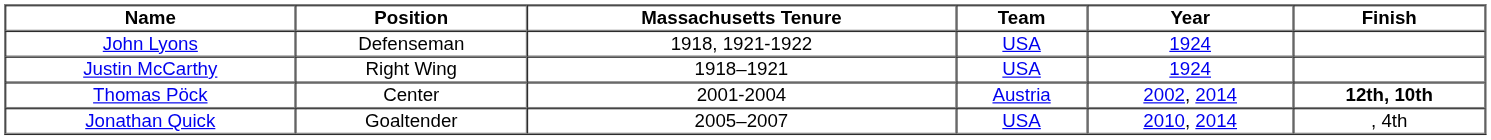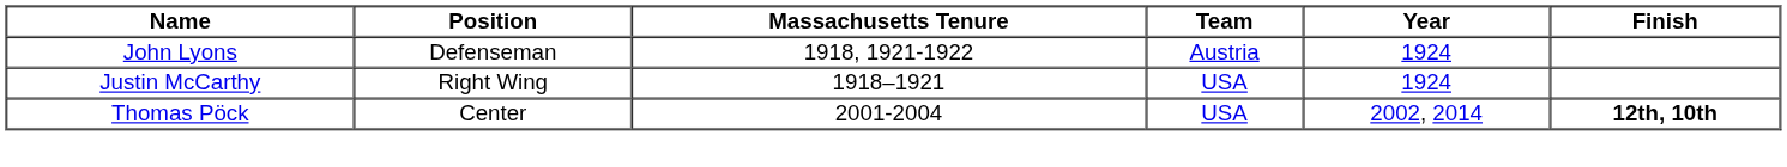 <table cellpadding="1" border="1" cellspacing="0" width="80%">
 <tr>
 <th>Name</th>
 <th>Position</th>
 <th>Massachusetts Tenure</th>
 <th>Team</th>
 <th>Year</th>
 <th>Finish</th>
 </tr>
 <tr align="center">
 <td><a href='#'>John Lyons</a></td>
 <td>Defenseman</td>
 <td>1918, 1921-1922</td>
-<td> <a href='#'>USA</a></td>
+<td> <a href='#'>Austria</a></td>
 <td><a href='#'>1924</a></td>
 <td></td>
 </tr>
 <tr align="center">
 <td><a href='#'>Justin McCarthy</a></td>
 <td>Right Wing</td>
 <td>1918–1921</td>
 <td> <a href='#'>USA</a></td>
 <td><a href='#'>1924</a></td>
 <td></td>
 </tr>
 <tr align="center">
 <td><a href='#'>Thomas Pöck</a></td>
 <td>Center</td>
 <td>2001-2004</td>
-<td> <a href='#'>Austria</a></td>
+<td> <a href='#'>USA</a></td>
 <td><a href='#'>2002</a>, <a href='#'>2014</a></td>
 <td><strong>12th, 10th</strong></td>
 </tr>
 <tr align="center">
-<td><a href='#'>Jonathan Quick</a></td>
-<td>Goaltender</td>
-<td>2005–2007</td>
-<td> <a href='#'>USA</a></td>
-<td><a href='#'>2010</a>, <a href='#'>2014</a></td>
-<td>, 4th</td>
-</tr>
-<tr align="center">
 </tr>
 </table>
